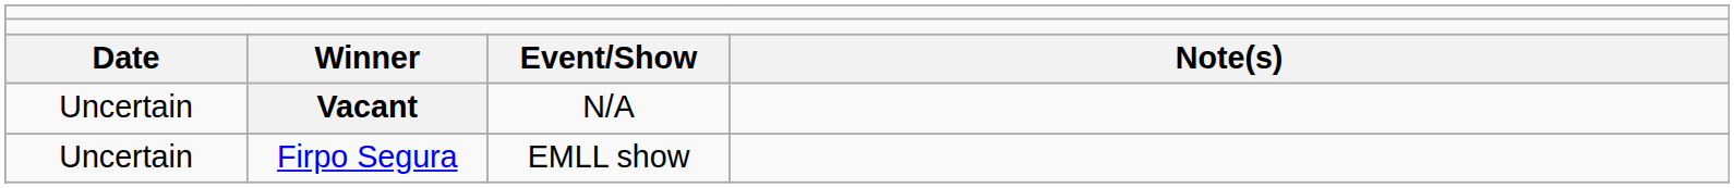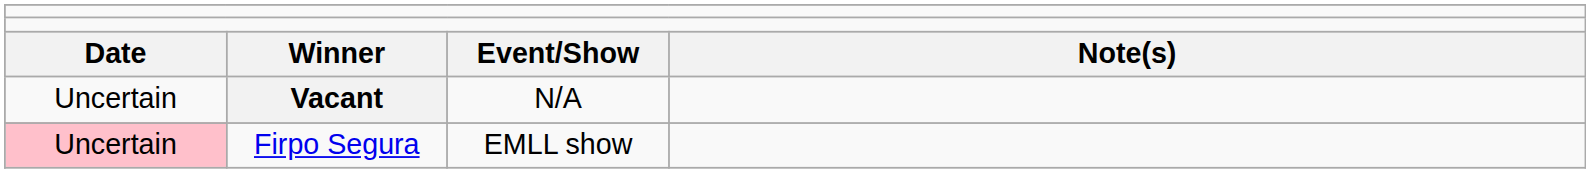 <table class="wikitable" style="text-align:center; width:100%;">
 <tr>
 <td colspan="5"></td>
 </tr>
 <tr>
 <td colspan="5"><strong></strong></td>
 </tr>
 <tr>
 <th width=14%>Date</th>
 <th width=14%>Winner</th>
 <th width=14%>Event/Show</th>
 <th width=58%>Note(s)</th>
 </tr>
 <tr>
 <td>Uncertain</td>
 <th>Vacant</th>
 <td>N/A</td>
 <td align=left></td>
 </tr>
 <tr>
-<td>Uncertain</td>
+<td style="background: pink;">Uncertain</td>
 <td><a href='#'>Firpo Segura</a></td>
 <td>EMLL show</td>
 <td align=left></td>
 </tr>
 </table>
